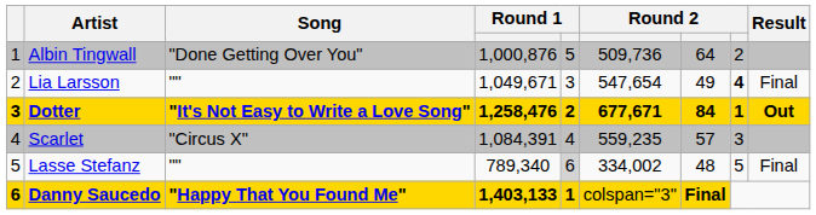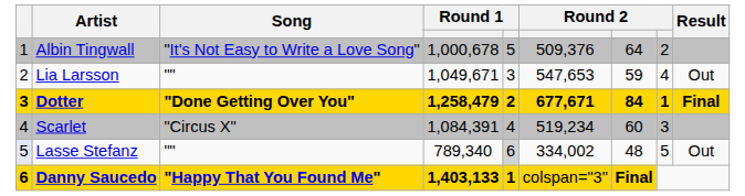 <table class="sortable wikitable" style="margin: 1em auto 1em auto; text-align:center;">
 <tr>
 <th rowspan="2"></th>
 <th rowspan="2">Artist</th>
 <th rowspan="2">Song</th>
 <th colspan="2">Round 1</th>
 <th colspan="3">Round 2</th>
 <th rowspan="2" class="unsortable">Result</th>
 </tr>
 <tr>
 <th><small></small></th>
 <th><small></small></th>
 <th><small></small></th>
 <th><small></small></th>
 <th><small></small></th>
 </tr>
 <tr style="background:silver;">
 <td>1</td>
 <td align="left"><a href='#'>Albin Tingwall</a></td>
-<td align="left">"Done Getting Over You"</td>
-<td>1,000,876</td>
+<td align="left">"<a href='#'>It's Not Easy to Write a Love Song</a>"</td>
+<td>1,000,678</td>
 <td>5</td>
-<td>509,736</td>
+<td>509,376</td>
 <td>64</td>
 <td>2</td>
 <td><strong></strong></td>
 </tr>
 <tr>
 <td>2</td>
 <td align="left"><a href='#'>Lia Larsson</a></td>
 <td align="left">""</td>
 <td>1,049,671</td>
 <td>3</td>
-<td>547,654</td>
-<td>49</td>
-<td><strong>4</strong></td>
-<td>Final</td>
+<td>547,653</td>
+<td>59</td>
+<td>4</td>
+<td>Out</td>
 </tr>
 <tr style="background:gold; font-weight:bold;">
 <td>3</td>
 <td align="left"><a href='#'>Dotter</a></td>
-<td align="left">"<a href='#'>It's Not Easy to Write a Love Song</a>"</td>
-<td>1,258,476</td>
+<td align="left">"Done Getting Over You"</td>
+<td>1,258,479</td>
 <td>2</td>
 <td>677,671</td>
 <td>84</td>
 <td>1</td>
-<td>Out</td>
+<td>Final</td>
 </tr>
 <tr style="background:silver;">
 <td>4</td>
 <td align="left"><a href='#'>Scarlet</a></td>
 <td align="left">"Circus X"</td>
 <td>1,084,391</td>
 <td>4</td>
-<td>559,235</td>
-<td>57</td>
+<td>519,234</td>
+<td>60</td>
 <td>3</td>
 <td><strong></strong></td>
 </tr>
 <tr>
-<td>5</td>
+<td style="background: lavender;">5</td>
 <td align="left"><a href='#'>Lasse Stefanz</a></td>
 <td align="left">""</td>
 <td>789,340</td>
 <td style="background: lightgrey;">6</td>
 <td>334,002</td>
 <td>48</td>
 <td>5</td>
-<td>Final</td>
+<td>Out</td>
 </tr>
 <tr style="background:gold;">
 <td><strong>6</strong></td>
 <td align="left"><strong><a href='#'>Danny Saucedo</a></strong></td>
 <td align="left"><strong>"<a href='#'>Happy That You Found Me</a>"</strong></td>
 <td><strong>1,403,133</strong></td>
 <td><strong>1</strong></td>
 <td>colspan="3" </td>
 <td><strong>Final</strong></td>
 </tr>
 </table>
